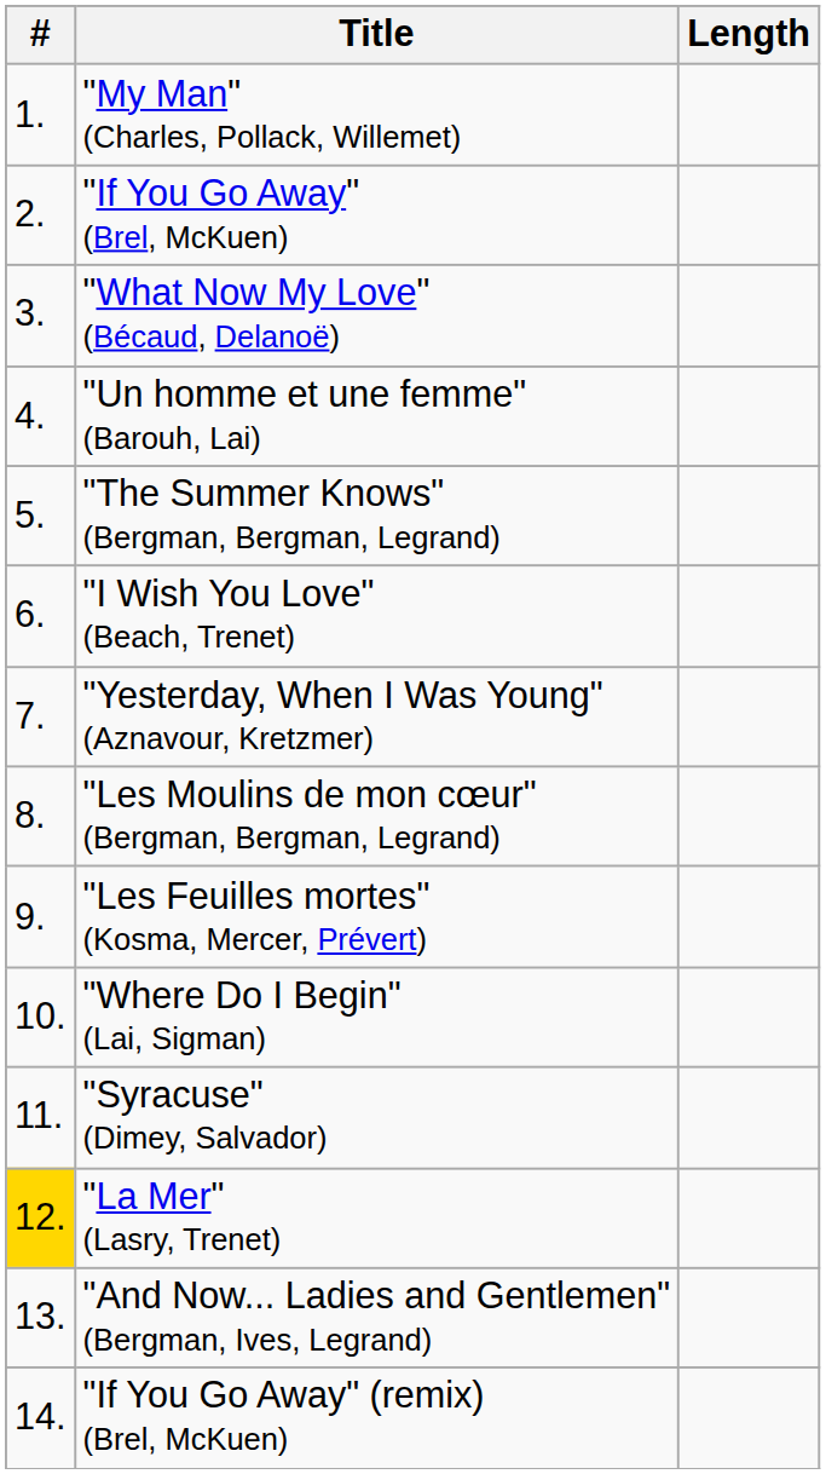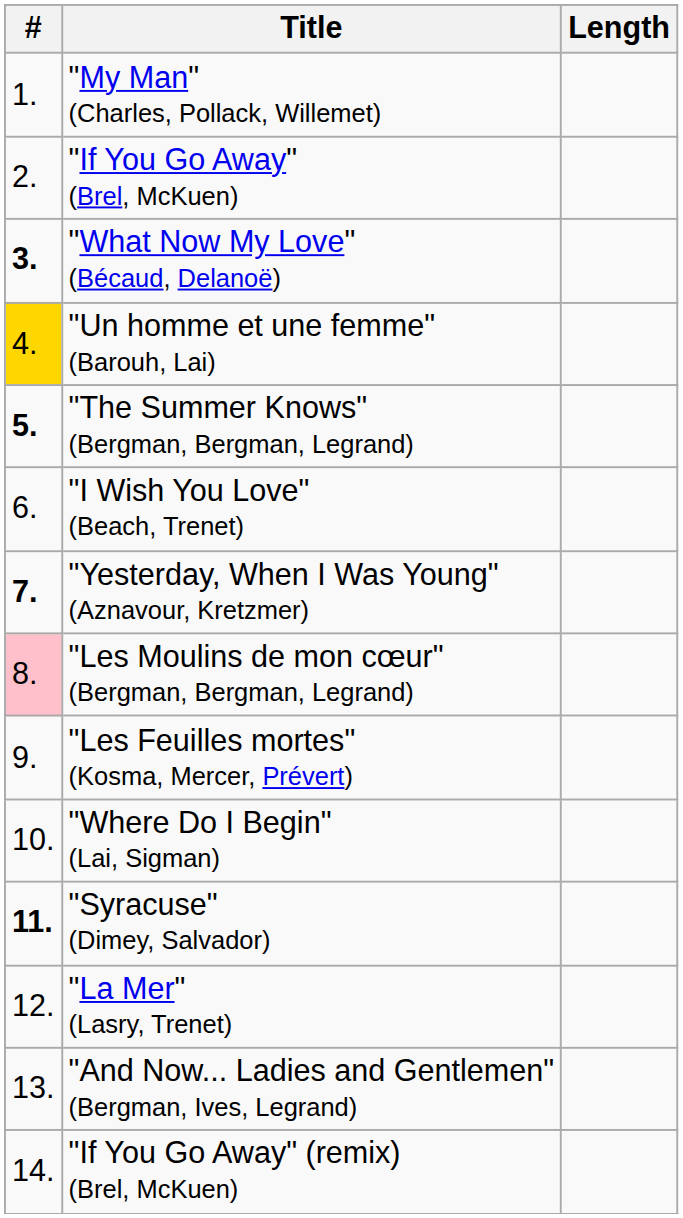 <table class="wikitable" size=80%>
 <tr>
 <th>#</th>
 <th>Title</th>
 <th>Length</th>
 </tr>
 <tr>
 <td>1.</td>
 <td>"<a href='#'>My Man</a>" <br><small>(Charles, Pollack, Willemet)</small></td>
 <td></td>
 </tr>
 <tr>
 <td>2.</td>
 <td>"<a href='#'>If You Go Away</a>" <br><small>(<a href='#'>Brel</a>, McKuen)</small></td>
 <td></td>
 </tr>
 <tr>
-<td>3.</td>
+<td><strong>3.</strong></td>
 <td>"<a href='#'>What Now My Love</a>" <br><small>(<a href='#'>Bécaud</a>, <a href='#'>Delanoë</a>)</small></td>
 <td></td>
 </tr>
 <tr>
-<td>4.</td>
+<td style="background: gold;">4.</td>
 <td>"Un homme et une femme" <br><small>(Barouh, Lai)</small></td>
 <td></td>
 </tr>
 <tr>
-<td>5.</td>
+<td><strong>5.</strong></td>
 <td>"The Summer Knows" <br><small>(Bergman, Bergman, Legrand)</small></td>
 <td></td>
 </tr>
 <tr>
 <td>6.</td>
 <td>"I Wish You Love" <br><small>(Beach, Trenet)</small></td>
 <td></td>
 </tr>
 <tr>
-<td>7.</td>
+<td><strong>7.</strong></td>
 <td>"Yesterday, When I Was Young" <br><small>(Aznavour, Kretzmer)</small></td>
 <td></td>
 </tr>
 <tr>
-<td>8.</td>
+<td style="background: pink;">8.</td>
 <td>"Les Moulins de mon cœur" <br><small>(Bergman, Bergman, Legrand)</small></td>
 <td></td>
 </tr>
 <tr>
 <td>9.</td>
 <td>"Les Feuilles mortes" <br><small>(Kosma, Mercer, <a href='#'>Prévert</a>)</small></td>
 <td></td>
 </tr>
 <tr>
 <td>10.</td>
 <td>"Where Do I Begin" <br><small>(Lai, Sigman)</small></td>
 <td></td>
 </tr>
 <tr>
-<td>11.</td>
+<td><strong>11.</strong></td>
 <td>"Syracuse" <br><small>(Dimey, Salvador)</small></td>
 <td></td>
 </tr>
 <tr>
-<td style="background: gold;">12.</td>
+<td>12.</td>
 <td>"<a href='#'>La Mer</a>" <br><small>(Lasry, Trenet)</small></td>
 <td></td>
 </tr>
 <tr>
 <td>13.</td>
 <td>"And Now... Ladies and Gentlemen" <br><small>(Bergman, Ives, Legrand)</small></td>
 <td></td>
 </tr>
 <tr>
 <td>14.</td>
 <td>"If You Go Away" (remix) <br><small>(Brel, McKuen)</small></td>
 <td></td>
 </tr>
 <tr>
 </tr>
 </table>
